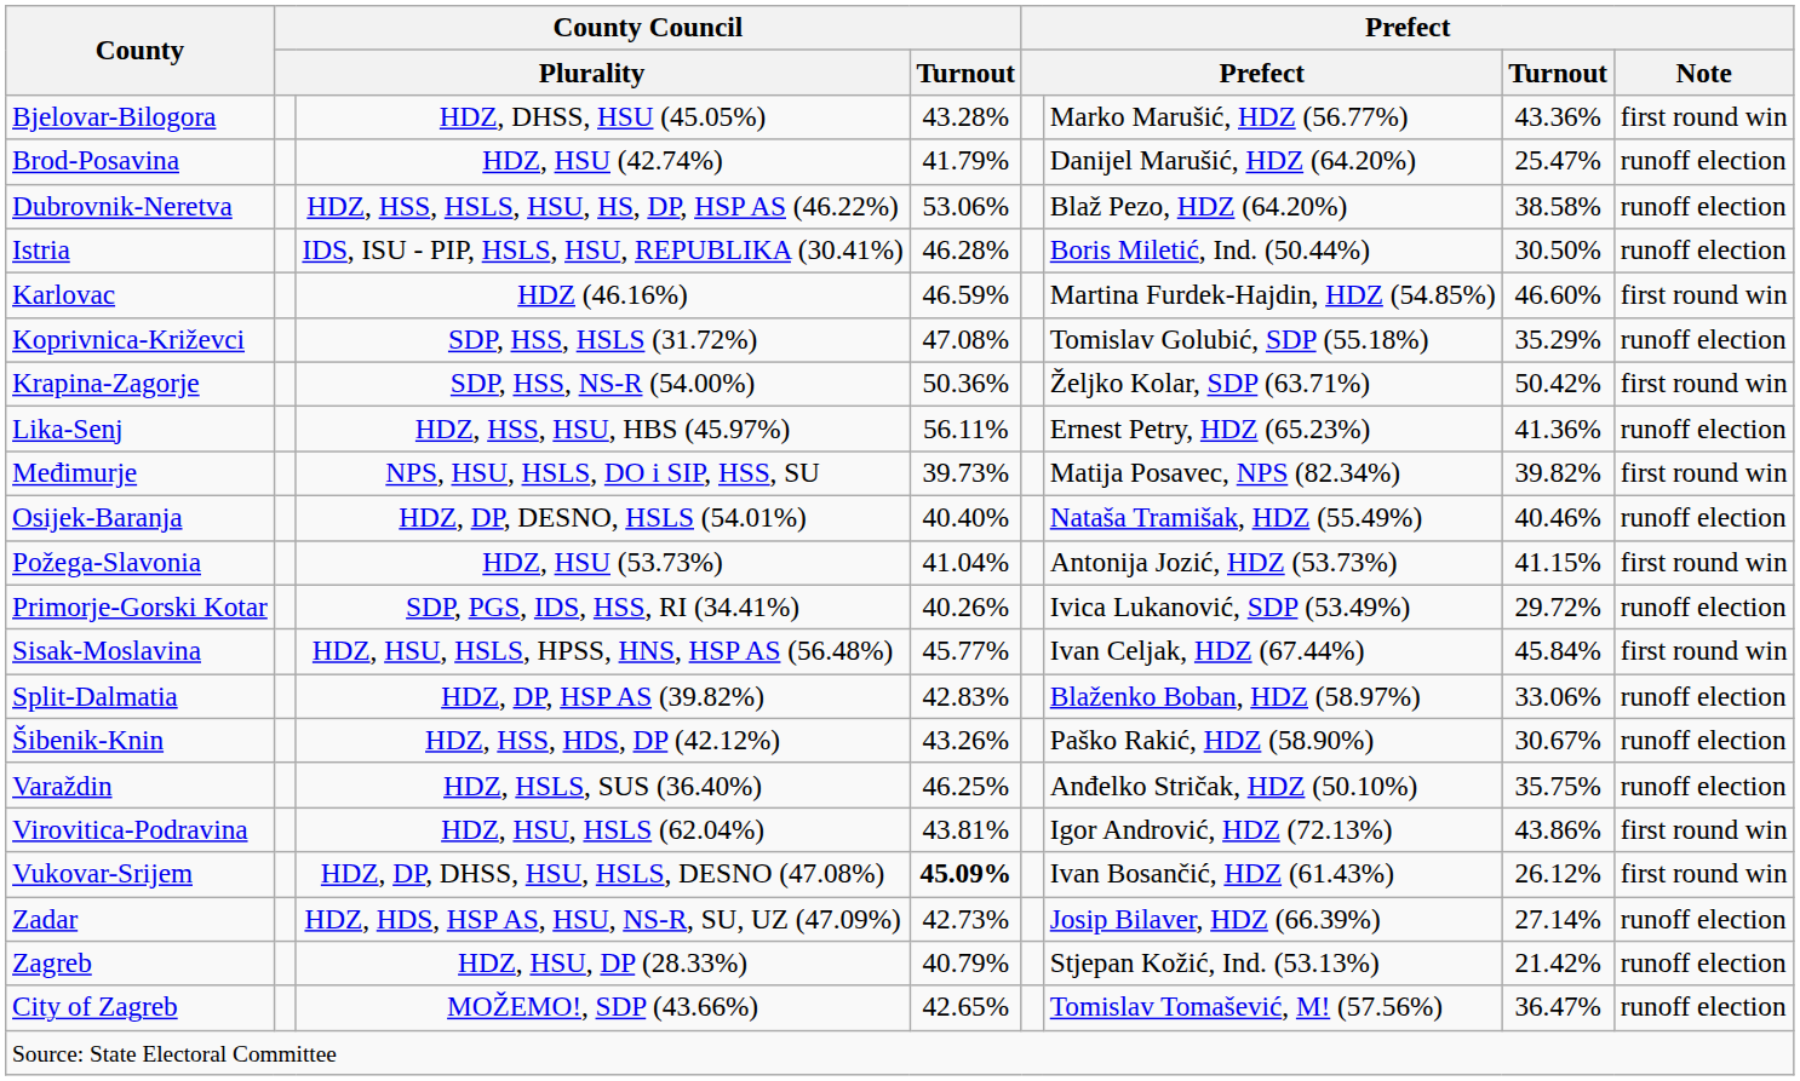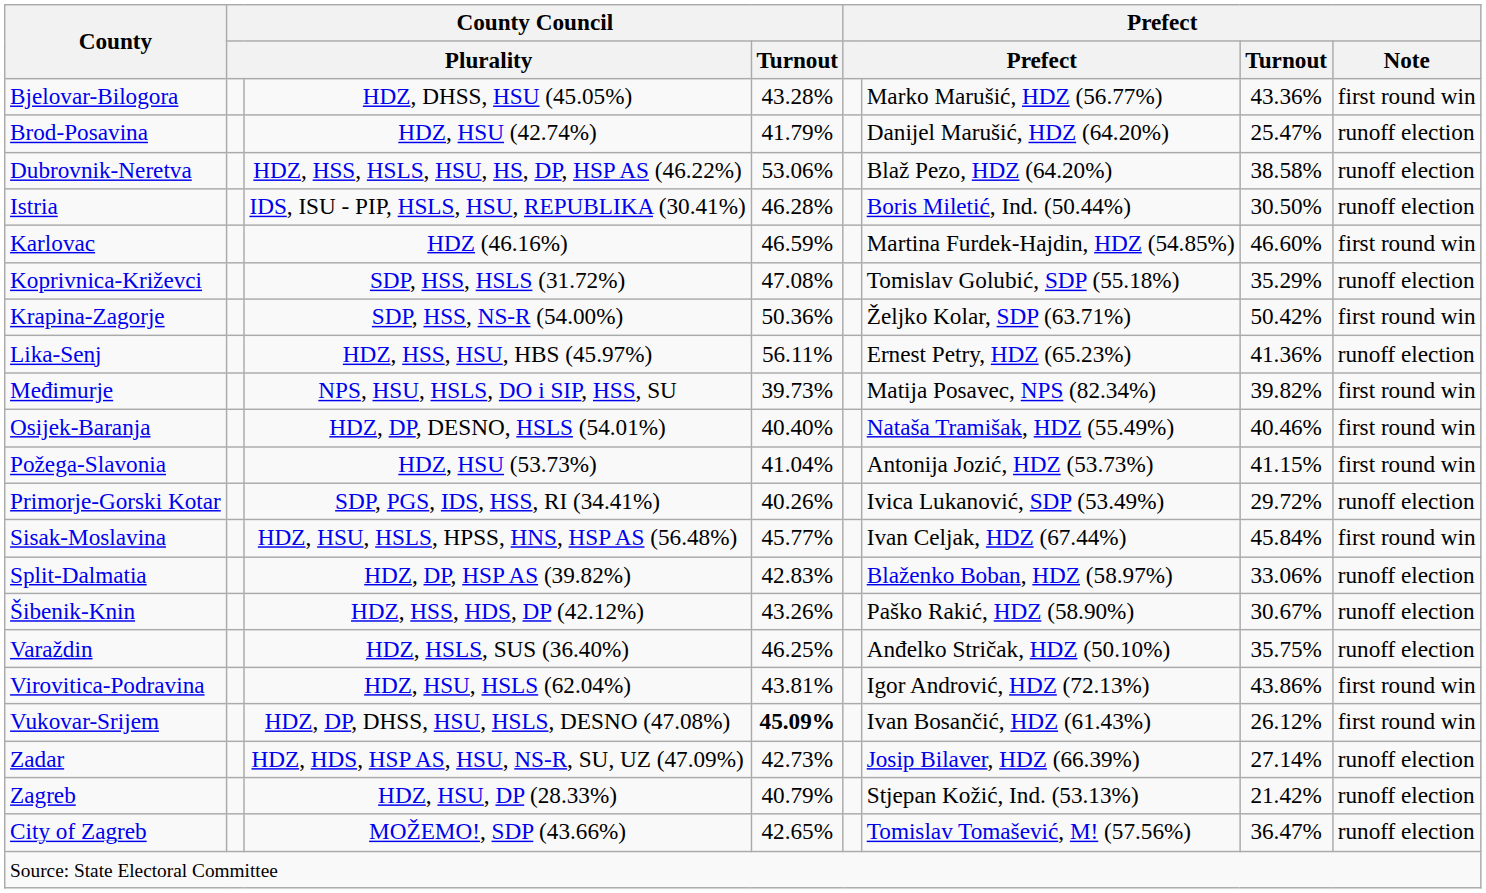 <table class="wikitable sortable">
 <tr>
 <th rowspan="2">County</th>
 <th colspan="3" class="unsortable">County Council</th>
 <th colspan="4" class="unsortable">Prefect</th>
 </tr>
 <tr>
 <th colspan="2">Plurality</th>
 <th>Turnout</th>
 <th colspan="2">Prefect</th>
 <th>Turnout</th>
 <th class="unsortable">Note</th>
 </tr>
 <tr>
 <td><a href='#'>Bjelovar-Bilogora</a></td>
 <td width="5px" style="background-color: "></td>
 <td align="center"><a href='#'>HDZ</a>, DHSS, <a href='#'>HSU</a> (45.05%)</td>
 <td align="center">43.28%</td>
 <td width="5px" style="background-color: "></td>
 <td>Marko Marušić, <a href='#'>HDZ</a> (56.77%)</td>
 <td align="center">43.36%</td>
 <td>first round win</td>
 </tr>
 <tr>
 <td><a href='#'>Brod-Posavina</a></td>
 <td width="5px" style="background-color: "></td>
 <td align="center"><a href='#'>HDZ</a>, <a href='#'>HSU</a> (42.74%)</td>
 <td align="center">41.79%</td>
 <td width="5px" style="background-color: "></td>
 <td>Danijel Marušić, <a href='#'>HDZ</a> (64.20%)</td>
 <td align="center">25.47%</td>
 <td>runoff election</td>
 </tr>
 <tr>
 <td><a href='#'>Dubrovnik-Neretva</a></td>
 <td width="5px" style="background-color: "></td>
 <td align="center"><a href='#'>HDZ</a>, <a href='#'>HSS</a>, <a href='#'>HSLS</a>, <a href='#'>HSU</a>, <a href='#'>HS</a>, <a href='#'>DP</a>, <a href='#'>HSP AS</a> (46.22%)</td>
 <td align="center">53.06%</td>
 <td width="5px" style="background-color: "></td>
 <td>Blaž Pezo, <a href='#'>HDZ</a> (64.20%)</td>
 <td align="center">38.58%</td>
 <td>runoff election</td>
 </tr>
 <tr>
 <td><a href='#'>Istria</a></td>
 <td width="5px" style="background-color: "></td>
 <td align="center"><a href='#'>IDS</a>, ISU - PIP, <a href='#'>HSLS</a>, <a href='#'>HSU</a>, <a href='#'>REPUBLIKA</a> (30.41%)</td>
 <td align="center">46.28%</td>
 <td width="5px" style="background-color:"></td>
 <td><a href='#'>Boris Miletić</a>, Ind. (50.44%)</td>
 <td align="center">30.50%</td>
 <td>runoff election</td>
 </tr>
 <tr>
 <td><a href='#'>Karlovac</a></td>
 <td width="5px" style="background-color: "></td>
 <td align="center"><a href='#'>HDZ</a> (46.16%)</td>
 <td align="center">46.59%</td>
 <td width="5px" style="background-color: "></td>
 <td>Martina Furdek-Hajdin, <a href='#'>HDZ</a> (54.85%)</td>
 <td align="center">46.60%</td>
 <td>first round win</td>
 </tr>
 <tr>
 <td><a href='#'>Koprivnica-Križevci</a></td>
 <td width="5px" style="background-color: "></td>
 <td align="center"><a href='#'>SDP</a>, <a href='#'>HSS</a>, <a href='#'>HSLS</a> (31.72%)</td>
 <td align="center">47.08%</td>
 <td width="5px" style="background-color: "></td>
 <td>Tomislav Golubić, <a href='#'>SDP</a> (55.18%)</td>
 <td align="center">35.29%</td>
 <td>runoff election</td>
 </tr>
 <tr>
 <td><a href='#'>Krapina-Zagorje</a></td>
 <td width="5px" style="background-color: "></td>
 <td align="center"><a href='#'>SDP</a>, <a href='#'>HSS</a>, <a href='#'>NS-R</a> (54.00%)</td>
 <td align="center">50.36%</td>
 <td width="5px" style="background-color: "></td>
 <td>Željko Kolar, <a href='#'>SDP</a> (63.71%)</td>
 <td align="center">50.42%</td>
 <td>first round win</td>
 </tr>
 <tr>
 <td><a href='#'>Lika-Senj</a></td>
 <td width="5px" style="background-color: "></td>
 <td align="center"><a href='#'>HDZ</a>, <a href='#'>HSS</a>, <a href='#'>HSU</a>, HBS (45.97%)</td>
 <td align="center">56.11%</td>
 <td width="5px" style="background-color: "></td>
 <td>Ernest Petry, <a href='#'>HDZ</a> (65.23%)</td>
 <td align="center">41.36%</td>
 <td>runoff election</td>
 </tr>
 <tr>
 <td><a href='#'>Međimurje</a></td>
 <td width="5px" style="background-color: "></td>
 <td align="center"><a href='#'>NPS</a>, <a href='#'>HSU</a>, <a href='#'>HSLS</a>, <a href='#'>DO i SIP</a>, <a href='#'>HSS</a>, SU</td>
 <td align="center">39.73%</td>
 <td width="5px" style="background-color: "></td>
 <td>Matija Posavec, <a href='#'>NPS</a> (82.34%)</td>
 <td align="center">39.82%</td>
 <td>first round win</td>
 </tr>
 <tr>
 <td><a href='#'>Osijek-Baranja</a></td>
 <td width="5px" style="background-color: "></td>
 <td align="center"><a href='#'>HDZ</a>, <a href='#'>DP</a>, DESNO,  <a href='#'>HSLS</a> (54.01%)</td>
 <td align="center">40.40%</td>
 <td width="5px" style="background-color: "></td>
 <td><a href='#'>Nataša Tramišak</a>, <a href='#'>HDZ</a> (55.49%)</td>
 <td align="center">40.46%</td>
-<td>runoff election</td>
+<td>first round win</td>
 </tr>
 <tr>
 <td><a href='#'>Požega-Slavonia</a></td>
 <td width="5px" style="background-color: "></td>
 <td align="center"><a href='#'>HDZ</a>, <a href='#'>HSU</a> (53.73%)</td>
 <td align="center">41.04%</td>
 <td width="5px" style="background-color: "></td>
 <td>Antonija Jozić, <a href='#'>HDZ</a> (53.73%)</td>
 <td align="center">41.15%</td>
 <td>first round win</td>
 </tr>
 <tr>
 <td><a href='#'>Primorje-Gorski Kotar</a></td>
 <td width="5px" style="background-color: "></td>
 <td align="center"><a href='#'>SDP</a>, <a href='#'>PGS</a>, <a href='#'>IDS</a>, <a href='#'>HSS</a>, RI (34.41%)</td>
 <td align="center">40.26%</td>
 <td width="5px" style="background-color: "></td>
 <td>Ivica Lukanović, <a href='#'>SDP</a> (53.49%)</td>
 <td align="center">29.72%</td>
 <td>runoff election</td>
 </tr>
 <tr>
 <td><a href='#'>Sisak-Moslavina</a></td>
 <td width="5px" style="background-color: "></td>
 <td align="center"><a href='#'>HDZ</a>, <a href='#'>HSU</a>, <a href='#'>HSLS</a>, HPSS, <a href='#'>HNS</a>, <a href='#'>HSP AS</a> (56.48%)</td>
 <td align="center">45.77%</td>
 <td width="5px" style="background-color: "></td>
 <td>Ivan Celjak, <a href='#'>HDZ</a> (67.44%)</td>
 <td align="center">45.84%</td>
 <td>first round win</td>
 </tr>
 <tr>
 <td><a href='#'>Split-Dalmatia</a></td>
 <td width="5px" style="background-color: "></td>
 <td align="center"><a href='#'>HDZ</a>, <a href='#'>DP</a>, <a href='#'>HSP AS</a> (39.82%)</td>
 <td align="center">42.83%</td>
 <td width="5px" style="background-color: "></td>
 <td><a href='#'>Blaženko Boban</a>, <a href='#'>HDZ</a> (58.97%)</td>
 <td align="center">33.06%</td>
 <td>runoff election</td>
 </tr>
 <tr>
 <td><a href='#'>Šibenik-Knin</a></td>
 <td width="5px" style="background-color: "></td>
 <td align="center"><a href='#'>HDZ</a>, <a href='#'>HSS</a>, <a href='#'>HDS</a>, <a href='#'>DP</a> (42.12%)</td>
 <td align="center">43.26%</td>
 <td width="5px" style="background-color: "></td>
 <td>Paško Rakić, <a href='#'>HDZ</a> (58.90%)</td>
 <td align="center">30.67%</td>
 <td>runoff election</td>
 </tr>
 <tr>
 <td><a href='#'>Varaždin</a></td>
 <td width="5px" style="background-color: "></td>
 <td align="center"><a href='#'>HDZ</a>, <a href='#'>HSLS</a>, SUS (36.40%)</td>
 <td align="center">46.25%</td>
 <td width="5px" style="background-color: "></td>
 <td>Anđelko Stričak, <a href='#'>HDZ</a> (50.10%)</td>
 <td align="center">35.75%</td>
 <td>runoff election</td>
 </tr>
 <tr>
 <td><a href='#'>Virovitica-Podravina</a></td>
 <td width="5px" style="background-color: "></td>
 <td align="center"><a href='#'>HDZ</a>, <a href='#'>HSU</a>, <a href='#'>HSLS</a> (62.04%)</td>
 <td align="center">43.81%</td>
 <td width="5px" style="background-color: "></td>
 <td>Igor Andrović, <a href='#'>HDZ</a> (72.13%)</td>
 <td align="center">43.86%</td>
 <td>first round win</td>
 </tr>
 <tr>
 <td><a href='#'>Vukovar-Srijem</a></td>
 <td width="5px" style="background-color: "></td>
 <td align="center"><a href='#'>HDZ</a>, <a href='#'>DP</a>, DHSS, <a href='#'>HSU</a>, <a href='#'>HSLS</a>, DESNO (47.08%)</td>
 <td align="center"><strong>45.09%</strong></td>
 <td width="5px" style="background-color: "></td>
 <td>Ivan Bosančić, <a href='#'>HDZ</a> (61.43%)</td>
 <td align="center">26.12%</td>
 <td>first round win</td>
 </tr>
 <tr>
 <td><a href='#'>Zadar</a></td>
 <td width="5px" style="background-color: "></td>
 <td align="center"><a href='#'>HDZ</a>, <a href='#'>HDS</a>, <a href='#'>HSP AS</a>, <a href='#'>HSU</a>, <a href='#'>NS-R</a>, SU, UZ (47.09%)</td>
 <td align="center">42.73%</td>
 <td width="5px" style="background-color: "></td>
 <td><a href='#'>Josip Bilaver</a>, <a href='#'>HDZ</a> (66.39%)</td>
 <td align="center">27.14%</td>
 <td>runoff election</td>
 </tr>
 <tr>
 <td><a href='#'>Zagreb</a></td>
 <td width="5px" style="background-color: "></td>
 <td align="center"><a href='#'>HDZ</a>, <a href='#'>HSU</a>, <a href='#'>DP</a> (28.33%)</td>
 <td align="center">40.79%</td>
 <td width="5px" style="background-color:"></td>
 <td>Stjepan Kožić, Ind. (53.13%)</td>
 <td align="center">21.42%</td>
 <td>runoff election</td>
 </tr>
 <tr>
 <td><a href='#'>City of Zagreb</a></td>
 <td width="5px" style="background-color: "></td>
 <td align="center"><a href='#'>MOŽEMO!</a>, <a href='#'>SDP</a> (43.66%)</td>
 <td align="center">42.65%</td>
 <td width="5px" style="background-color: "></td>
 <td><a href='#'>Tomislav Tomašević</a>, <a href='#'>M!</a> (57.56%)</td>
 <td align="center">36.47%</td>
 <td>runoff election</td>
 </tr>
 <tr>
 <td colspan="8"><small>Source: State Electoral Committee</small></td>
 </tr>
 </table>
